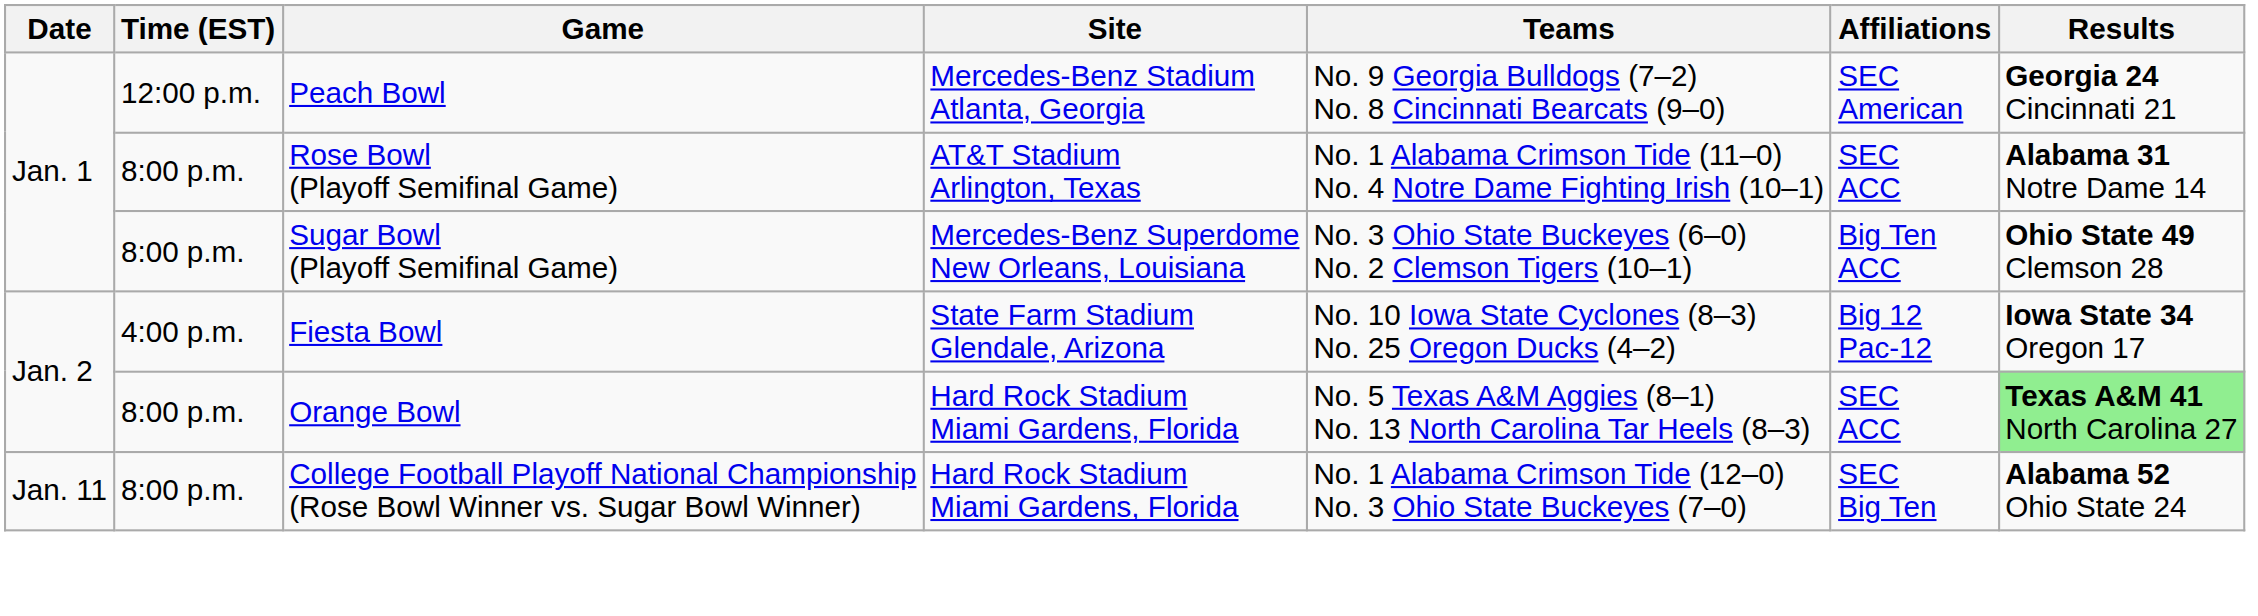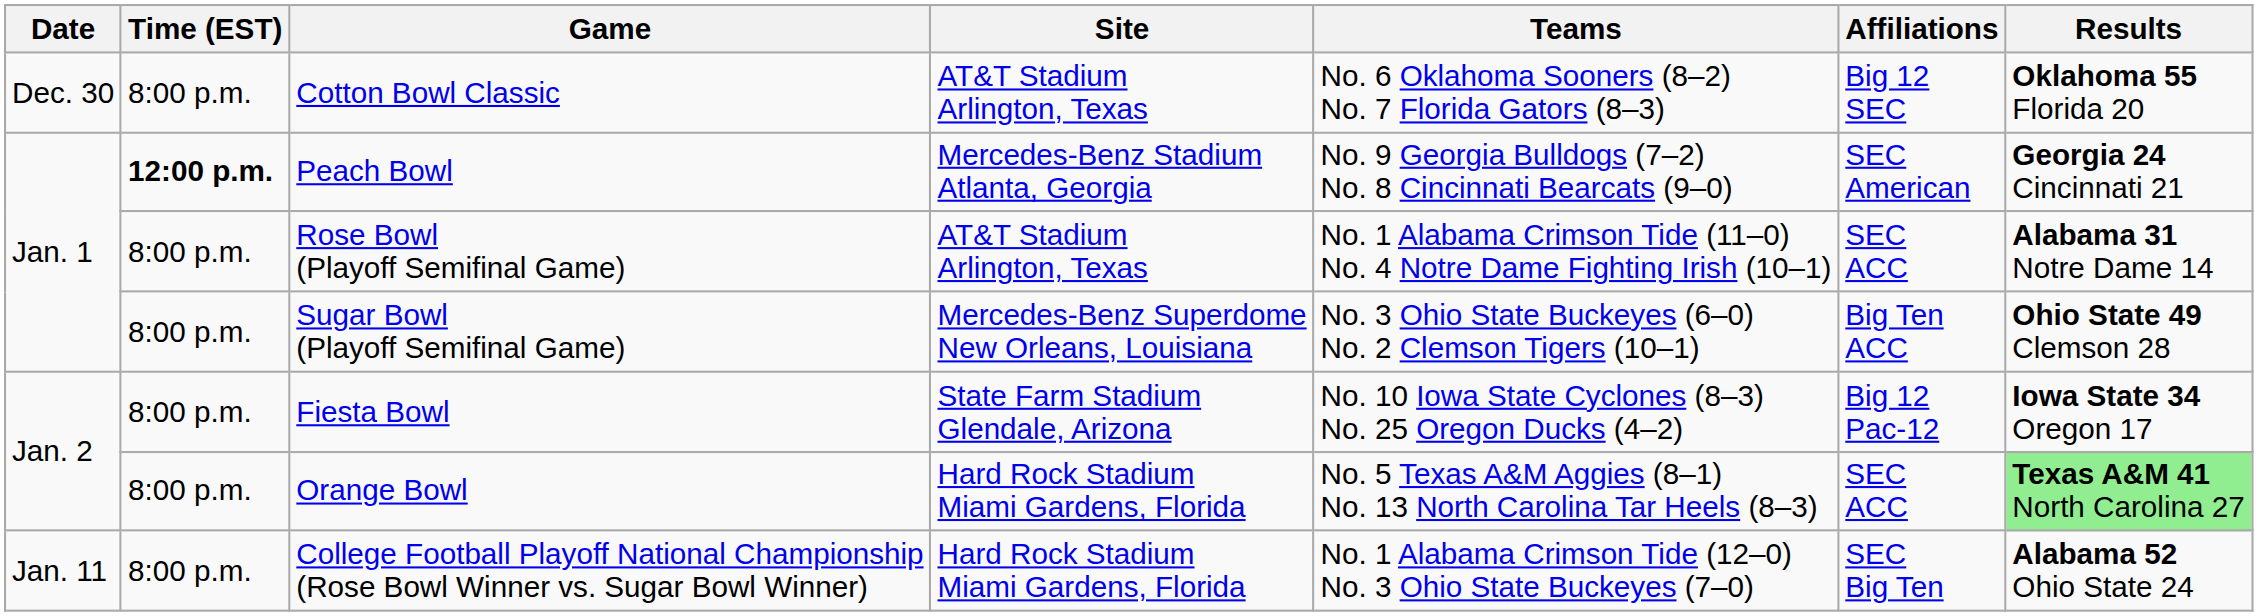 <table class="wikitable" style="font-size:90%">
 <tr>
 <th>Date</th>
 <th>Time (EST)</th>
 <th>Game</th>
 <th>Site</th>
 <th>Teams</th>
 <th>Affiliations</th>
 <th>Results</th>
 </tr>
 <tr>
+<td>Dec. 30</td>
+<td>8:00 p.m.</td>
+<td><a href='#'>Cotton Bowl Classic</a></td>
+<td><a href='#'>AT&T Stadium</a><br><a href='#'>Arlington, Texas</a></td>
+<td>No. 6 <a href='#'>Oklahoma Sooners</a> (8–2)<br>No. 7 <a href='#'>Florida Gators</a> (8–3)</td>
+<td><a href='#'>Big 12</a><br><a href='#'>SEC</a></td>
+<td><strong>Oklahoma 55</strong><br>Florida 20</td>
+</tr>
+<tr>
 <td rowspan=3>Jan. 1</td>
-<td>12:00 p.m.</td>
+<td><strong>12:00 p.m.</strong></td>
 <td><a href='#'>Peach Bowl</a></td>
 <td><a href='#'>Mercedes-Benz Stadium</a><br><a href='#'>Atlanta, Georgia</a></td>
 <td>No. 9 <a href='#'>Georgia Bulldogs</a> (7–2)<br>No. 8 <a href='#'>Cincinnati Bearcats</a> (9–0)</td>
 <td><a href='#'>SEC</a><br><a href='#'>American</a></td>
 <td><strong>Georgia 24</strong><br>Cincinnati 21</td>
 </tr>
 <tr>
 <td>8:00 p.m.</td>
 <td><a href='#'>Rose Bowl</a><br>(Playoff Semifinal Game)</td>
 <td><a href='#'>AT&T Stadium</a><br><a href='#'>Arlington, Texas</a></td>
 <td>No. 1 <a href='#'>Alabama Crimson Tide</a> (11–0)<br>No. 4 <a href='#'>Notre Dame Fighting Irish</a> (10–1)</td>
 <td><a href='#'>SEC</a><br><a href='#'>ACC</a></td>
 <td><strong>Alabama 31</strong><br>Notre Dame 14</td>
 </tr>
 <tr>
 <td>8:00 p.m.</td>
 <td><a href='#'>Sugar Bowl</a><br>(Playoff Semifinal Game)</td>
 <td><a href='#'>Mercedes-Benz Superdome</a><br><a href='#'>New Orleans, Louisiana</a></td>
 <td>No. 3 <a href='#'>Ohio State Buckeyes</a> (6–0)<br>No. 2 <a href='#'>Clemson Tigers</a> (10–1)</td>
 <td><a href='#'>Big Ten</a><br><a href='#'>ACC</a></td>
 <td><strong>Ohio State 49</strong><br>Clemson 28</td>
 </tr>
 <tr>
 <td rowspan=2>Jan. 2</td>
-<td>4:00 p.m.</td>
+<td>8:00 p.m.</td>
 <td><a href='#'>Fiesta Bowl</a></td>
 <td><a href='#'>State Farm Stadium</a><br><a href='#'>Glendale, Arizona</a></td>
 <td>No. 10 <a href='#'>Iowa State Cyclones</a> (8–3)<br>No. 25 <a href='#'>Oregon Ducks</a> (4–2)</td>
 <td><a href='#'>Big 12</a><br><a href='#'>Pac-12</a></td>
 <td><strong>Iowa State 34</strong><br>Oregon 17</td>
 </tr>
 <tr>
 <td>8:00 p.m.</td>
 <td><a href='#'>Orange Bowl</a></td>
 <td><a href='#'>Hard Rock Stadium</a><br><a href='#'>Miami Gardens, Florida</a></td>
 <td>No. 5 <a href='#'>Texas A&M Aggies</a> (8–1)<br>No. 13 <a href='#'>North Carolina Tar Heels</a> (8–3)</td>
 <td><a href='#'>SEC</a><br><a href='#'>ACC</a></td>
 <td style="background: lightgreen;"><strong>Texas A&M 41</strong><br>North Carolina 27</td>
 </tr>
 <tr>
 <td>Jan. 11</td>
 <td>8:00 p.m.</td>
 <td><a href='#'>College Football Playoff National Championship</a><br>(Rose Bowl Winner vs. Sugar Bowl Winner)</td>
 <td><a href='#'>Hard Rock Stadium</a><br><a href='#'>Miami Gardens, Florida</a></td>
 <td>No. 1 <a href='#'>Alabama Crimson Tide</a> (12–0)<br>No. 3 <a href='#'>Ohio State Buckeyes</a> (7–0)</td>
 <td><a href='#'>SEC</a><br><a href='#'>Big Ten</a></td>
 <td><strong>Alabama 52</strong><br>Ohio State 24</td>
 </tr>
 </table>
